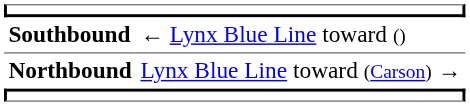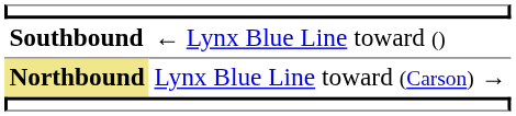 <table table border=0 cellspacing=0 cellpadding=3>
 <tr>
 <td style="border-top:solid 1px gray;border-right:solid 2px black;border-left:solid 2px black;border-bottom:solid 2px black;text-align:center;" colspan=2></td>
 </tr>
 <tr>
 <td style="border-bottom:solid 1px gray;"><span><strong>Southbound</strong></span></td>
 <td style="border-bottom:solid 1px gray;">← <a href='#'>Lynx Blue Line</a> toward  <small>()</small></td>
 </tr>
 <tr>
-<td style="border-bottom:solid 0px gray;"><span><strong>Northbound</strong></span></td>
+<td style="background: khaki; border-bottom:solid 0px gray;"><span><strong>Northbound</strong></span></td>
 <td style="border-bottom:solid 0px gray;"><a href='#'>Lynx Blue Line</a> toward  <small>(<a href='#'>Carson</a>)</small> →</td>
 </tr>
 <tr>
 <td style="border-top:solid 2px black;border-right:solid 2px black;border-left:solid 2px black;border-bottom:solid 1px gray;text-align:center;" colspan=2></td>
 </tr>
 </table>
